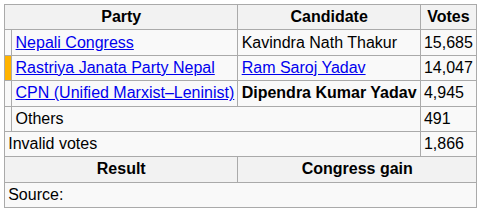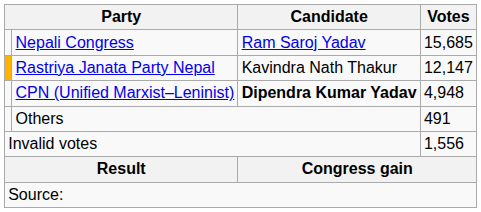 <table class="wikitable">
 <tr>
 <th colspan="2">Party</th>
 <th>Candidate</th>
 <th>Votes</th>
 </tr>
 <tr>
 <td style="background-color:"></td>
 <td><a href='#'>Nepali Congress</a></td>
-<td>Kavindra Nath Thakur</td>
+<td><a href='#'>Ram Saroj Yadav</a></td>
 <td>15,685</td>
 </tr>
 <tr>
 <td style="background-color:#ffb300"></td>
 <td><a href='#'>Rastriya Janata Party Nepal</a></td>
-<td><a href='#'>Ram Saroj Yadav</a></td>
-<td>14,047</td>
+<td>Kavindra Nath Thakur</td>
+<td>12,147</td>
 </tr>
 <tr>
 <td style="background-color:"></td>
 <td><a href='#'>CPN (Unified Marxist–Leninist)</a></td>
 <td><strong>Dipendra Kumar Yadav</strong></td>
-<td>4,945</td>
+<td>4,948</td>
 </tr>
 <tr>
 <td></td>
 <td colspan="2">Others</td>
 <td>491</td>
 </tr>
 <tr>
 <td colspan="3">Invalid votes</td>
-<td>1,866</td>
+<td>1,556</td>
 </tr>
 <tr>
 <th colspan="2">Result</th>
 <th colspan="2">Congress gain</th>
 </tr>
 <tr>
 <td colspan="4">Source: </td>
 </tr>
 </table>
